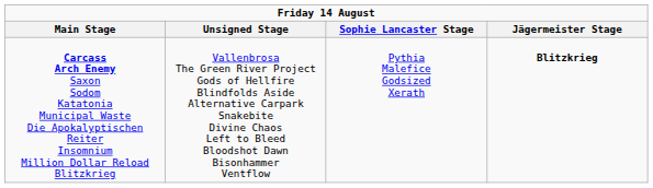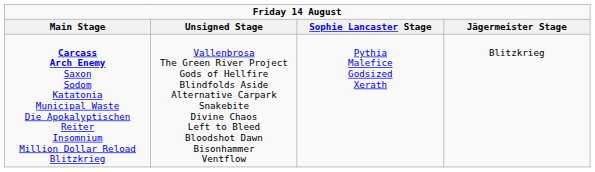 <table class="wikitable">
 <tr>
 <td colspan="4" align="center"><strong>Friday 14 August</strong></td>
 </tr>
 <tr>
 <th>Main Stage</th>
 <th>Unsigned Stage</th>
 <th><a href='#'>Sophie Lancaster</a> Stage</th>
 <th>Jägermeister Stage</th>
 </tr>
 <tr>
 <td valign="top" align="center" width=200><br><strong><a href='#'>Carcass</a></strong><br> <strong><a href='#'>Arch Enemy</a></strong><br> <a href='#'>Saxon</a><br> <a href='#'>Sodom</a><br> <a href='#'>Katatonia</a><br> <a href='#'>Municipal Waste</a><br> <a href='#'>Die Apokalyptischen Reiter</a><br> <a href='#'>Insomnium</a><br> <a href='#'>Million Dollar Reload</a><br> <a href='#'>Blitzkrieg</a><br></td>
 <td valign="top" align="center" width=200><br><a href='#'>Vallenbrosa</a><br> The Green River Project<br> Gods of Hellfire<br> Blindfolds Aside<br> Alternative Carpark<br> Snakebite<br> Divine Chaos<br> Left to Bleed<br> Bloodshot Dawn<br> Bisonhammer<br> Ventflow<br></td>
 <td valign="top" align="center" width=200><br><a href='#'>Pythia</a><br> <a href='#'>Malefice</a><br> <a href='#'>Godsized</a><br> <a href='#'>Xerath</a><br></td>
-<td valign="top" align="center" width=200><strong><br>Blitzkrieg</strong></td>
+<td valign="top" align="center" width=200><br>Blitzkrieg</td>
 </tr>
 </table>
